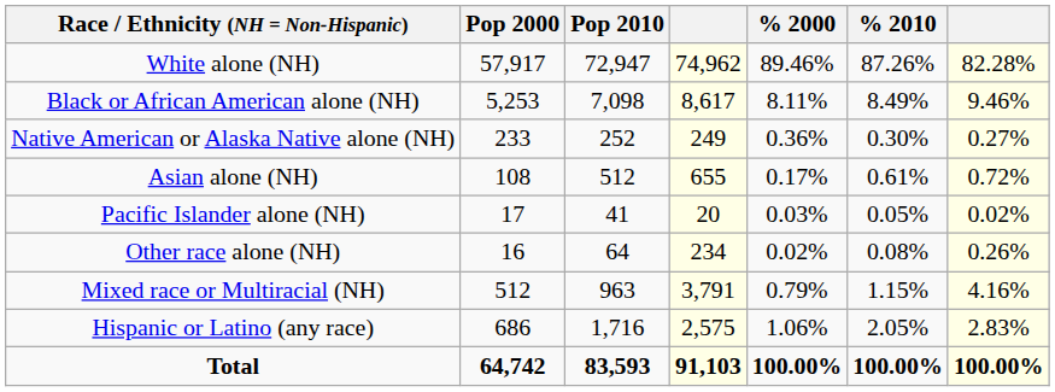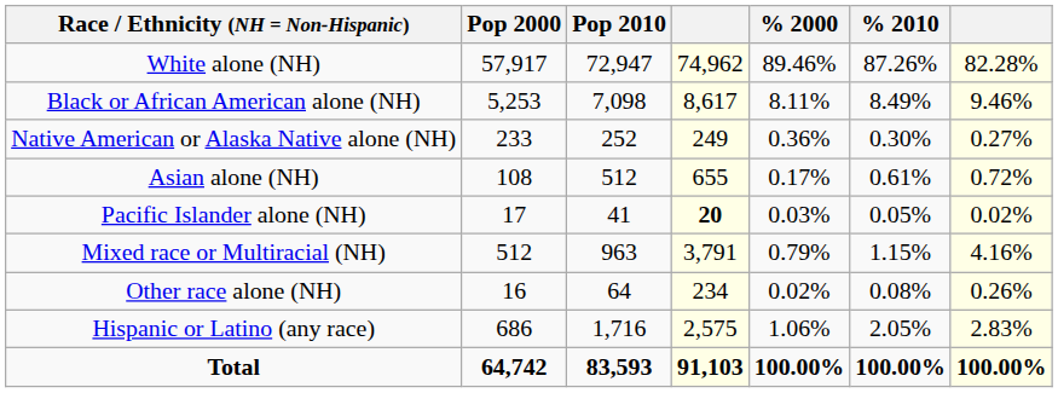 <table class="wikitable" style="text-align:center;">
 <tr>
 <th>Race / Ethnicity <small>(<em>NH = Non-Hispanic</em>)</small></th>
 <th>Pop 2000</th>
 <th>Pop 2010</th>
 <th></th>
 <th>% 2000</th>
 <th>% 2010</th>
 <th></th>
 </tr>
 <tr>
 <td><a href='#'>White</a> alone (NH)</td>
 <td>57,917</td>
 <td>72,947</td>
 <td style='background: #ffffe6;'>74,962</td>
 <td>89.46%</td>
 <td>87.26%</td>
 <td style='background: #ffffe6;'>82.28%</td>
 </tr>
 <tr>
 <td><a href='#'>Black or African American</a> alone (NH)</td>
 <td>5,253</td>
 <td>7,098</td>
 <td style='background: #ffffe6;'>8,617</td>
 <td>8.11%</td>
 <td>8.49%</td>
 <td style='background: #ffffe6;'>9.46%</td>
 </tr>
 <tr>
 <td><a href='#'>Native American</a> or <a href='#'>Alaska Native</a> alone (NH)</td>
 <td>233</td>
 <td>252</td>
 <td style='background: #ffffe6;'>249</td>
 <td>0.36%</td>
 <td>0.30%</td>
 <td style='background: #ffffe6;'>0.27%</td>
 </tr>
 <tr>
 <td><a href='#'>Asian</a> alone (NH)</td>
 <td>108</td>
 <td>512</td>
 <td style='background: #ffffe6;'>655</td>
 <td>0.17%</td>
 <td>0.61%</td>
 <td style='background: #ffffe6;'>0.72%</td>
 </tr>
 <tr>
 <td><a href='#'>Pacific Islander</a> alone (NH)</td>
 <td>17</td>
 <td>41</td>
-<td style='background: #ffffe6;'>20</td>
+<td style='background: #ffffe6;'><strong>20</strong></td>
 <td>0.03%</td>
 <td>0.05%</td>
 <td style='background: #ffffe6;'>0.02%</td>
+</tr>
+<tr>
+<td><a href='#'>Mixed race or Multiracial</a> (NH)</td>
+<td>512</td>
+<td>963</td>
+<td style='background: #ffffe6;'>3,791</td>
+<td>0.79%</td>
+<td>1.15%</td>
+<td style='background: #ffffe6;'>4.16%</td>
 </tr>
 <tr>
 <td><a href='#'>Other race</a> alone (NH)</td>
 <td>16</td>
 <td>64</td>
 <td style='background: #ffffe6;'>234</td>
 <td>0.02%</td>
 <td>0.08%</td>
 <td style='background: #ffffe6;'>0.26%</td>
-</tr>
-<tr>
-<td><a href='#'>Mixed race or Multiracial</a> (NH)</td>
-<td>512</td>
-<td>963</td>
-<td style='background: #ffffe6;'>3,791</td>
-<td>0.79%</td>
-<td>1.15%</td>
-<td style='background: #ffffe6;'>4.16%</td>
 </tr>
 <tr>
 <td><a href='#'>Hispanic or Latino</a> (any race)</td>
 <td>686</td>
 <td>1,716</td>
 <td style='background: #ffffe6;'>2,575</td>
 <td>1.06%</td>
 <td>2.05%</td>
 <td style='background: #ffffe6;'>2.83%</td>
 </tr>
 <tr>
 <td><strong>Total</strong></td>
 <td><strong>64,742</strong></td>
 <td><strong>83,593</strong></td>
 <td style='background: #ffffe6;'><strong>91,103</strong></td>
 <td><strong>100.00%</strong></td>
 <td><strong>100.00%</strong></td>
 <td style='background: #ffffe6;'><strong>100.00%</strong></td>
 </tr>
 </table>
